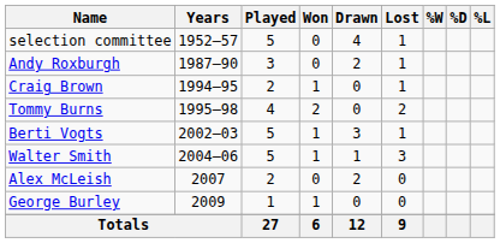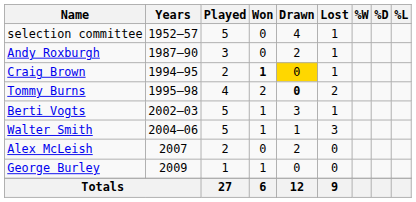 <table class="wikitable sortable" style="text-align:center;">
 <tr>
 <th>Name</th>
 <th>Years</th>
 <th>Played</th>
 <th>Won</th>
 <th>Drawn</th>
 <th>Lost</th>
 <th>%W</th>
 <th>%D</th>
 <th>%L</th>
 </tr>
 <tr>
 <td style="text-align: left;">selection committee</td>
 <td>1952–57</td>
 <td>5</td>
 <td>0</td>
 <td>4</td>
 <td>1</td>
 <td></td>
 <td></td>
 <td></td>
 </tr>
 <tr>
 <td style="text-align: left;"><a href='#'>Andy Roxburgh</a></td>
 <td>1987–90</td>
 <td>3</td>
 <td>0</td>
 <td>2</td>
 <td>1</td>
 <td></td>
 <td></td>
 <td></td>
 </tr>
 <tr>
 <td style="text-align: left;"><a href='#'>Craig Brown</a></td>
 <td>1994–95</td>
 <td>2</td>
-<td>1</td>
-<td>0</td>
+<td><strong>1</strong></td>
+<td style="background: gold;">0</td>
 <td>1</td>
 <td></td>
 <td></td>
 <td></td>
 </tr>
 <tr>
 <td style="text-align: left;"><a href='#'>Tommy Burns</a></td>
 <td>1995–98</td>
 <td>4</td>
 <td>2</td>
-<td>0</td>
+<td><strong>0</strong></td>
 <td>2</td>
 <td></td>
 <td></td>
 <td></td>
 </tr>
 <tr>
 <td style="text-align: left;"><a href='#'>Berti Vogts</a></td>
 <td>2002–03</td>
 <td>5</td>
 <td>1</td>
 <td>3</td>
 <td>1</td>
 <td></td>
 <td></td>
 <td></td>
 </tr>
 <tr>
 <td style="text-align: left;"><a href='#'>Walter Smith</a></td>
 <td>2004–06</td>
 <td>5</td>
 <td>1</td>
 <td>1</td>
 <td>3</td>
 <td></td>
 <td></td>
 <td></td>
 </tr>
 <tr>
 <td style="text-align: left;"><a href='#'>Alex McLeish</a></td>
 <td>2007</td>
 <td>2</td>
 <td>0</td>
 <td>2</td>
 <td>0</td>
 <td></td>
 <td></td>
 <td></td>
 </tr>
 <tr>
 <td style="text-align: left;"><a href='#'>George Burley</a></td>
 <td>2009</td>
 <td>1</td>
 <td>1</td>
 <td>0</td>
 <td>0</td>
 <td></td>
 <td></td>
 <td></td>
 </tr>
 <tr>
 </tr>
 <tr class="sortbottom">
 <th colspan="2">Totals</th>
 <th>27</th>
 <th>6</th>
 <th>12</th>
 <th>9</th>
 <th></th>
 <th></th>
 <th></th>
 </tr>
 </table>
